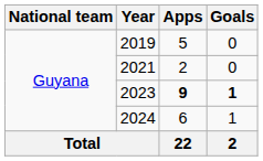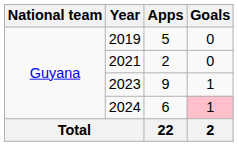 <table class=wikitable style="text-align: center;">
 <tr>
 <th>National team</th>
 <th>Year</th>
 <th>Apps</th>
 <th>Goals</th>
 </tr>
 <tr>
 <td rowspan="4"><a href='#'>Guyana</a></td>
 <td>2019</td>
 <td>5</td>
 <td>0</td>
 </tr>
 <tr>
 <td>2021</td>
 <td>2</td>
 <td>0</td>
 </tr>
 <tr>
 <td>2023</td>
-<td><strong>9</strong></td>
-<td><strong>1</strong></td>
+<td>9</td>
+<td>1</td>
 </tr>
 <tr>
 <td>2024</td>
 <td>6</td>
-<td>1</td>
+<td style="background: pink;">1</td>
 </tr>
 <tr>
 <th colspan=2>Total</th>
 <th>22</th>
 <th>2</th>
 </tr>
 </table>
